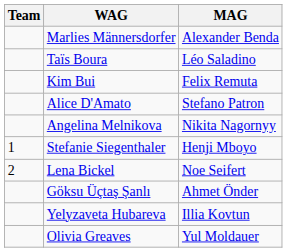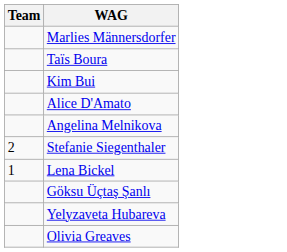 <table class="wikitable">
 <tr>
 <th style="text-align:center;">Team</th>
 <th style="text-align:center;">WAG</th>
-<th style="text-align:center;">MAG</th>
 </tr>
 <tr>
 <td></td>
 <td><a href='#'>Marlies Männersdorfer</a></td>
-<td><a href='#'>Alexander Benda</a></td>
 </tr>
 <tr>
 <td></td>
 <td><a href='#'>Taïs Boura</a></td>
-<td><a href='#'>Léo Saladino</a></td>
 </tr>
 <tr>
 <td></td>
 <td><a href='#'>Kim Bui</a></td>
-<td><a href='#'>Felix Remuta</a></td>
 </tr>
 <tr>
 <td></td>
 <td><a href='#'>Alice D'Amato</a></td>
-<td><a href='#'>Stefano Patron</a></td>
 </tr>
 <tr>
 <td></td>
 <td><a href='#'>Angelina Melnikova</a></td>
-<td><a href='#'>Nikita Nagornyy</a></td>
+</tr>
+<tr>
+<td> 2</td>
+<td><a href='#'>Stefanie Siegenthaler</a></td>
 </tr>
 <tr>
 <td> 1</td>
-<td><a href='#'>Stefanie Siegenthaler</a></td>
-<td><a href='#'>Henji Mboyo</a></td>
-</tr>
-<tr>
-<td> 2</td>
 <td><a href='#'>Lena Bickel</a></td>
-<td><a href='#'>Noe Seifert</a></td>
 </tr>
 <tr>
 <td></td>
 <td><a href='#'>Göksu Üçtaş Şanlı</a></td>
-<td><a href='#'>Ahmet Önder</a></td>
 </tr>
 <tr>
 <td></td>
 <td><a href='#'>Yelyzaveta Hubareva</a></td>
-<td><a href='#'>Illia Kovtun</a></td>
 </tr>
 <tr>
 <td></td>
 <td><a href='#'>Olivia Greaves</a></td>
-<td><a href='#'>Yul Moldauer</a></td>
 </tr>
 </table>
